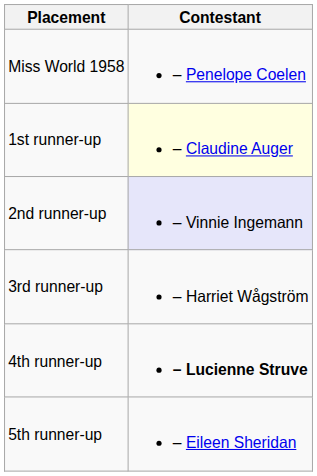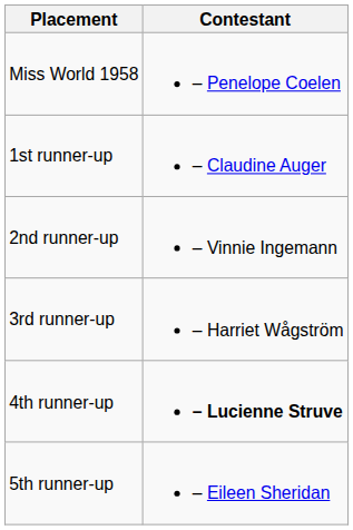 <table class="wikitable sortable" style="font-size:95%;">
 <tr>
 <th>Placement</th>
 <th>Contestant</th>
 </tr>
 <tr>
 <td>Miss World 1958</td>
 <td><br><ul><li> – <a href='#'>Penelope Coelen</a></li></ul></td>
 </tr>
 <tr>
 <td>1st runner-up</td>
-<td style="background: lightyellow;"><br><ul><li> – <a href='#'>Claudine Auger</a></li></ul></td>
+<td><br><ul><li> – <a href='#'>Claudine Auger</a></li></ul></td>
 </tr>
 <tr>
 <td>2nd runner-up</td>
-<td style="background: lavender;"><br><ul><li> – Vinnie Ingemann</li></ul></td>
+<td><br><ul><li> – Vinnie Ingemann</li></ul></td>
 </tr>
 <tr>
 <td>3rd runner-up</td>
 <td><br><ul><li> – Harriet Wågström</li></ul></td>
 </tr>
 <tr>
 <td>4th runner-up</td>
 <td><strong><br><ul><li> – Lucienne Struve</li></ul></strong></td>
 </tr>
 <tr>
 <td>5th runner-up</td>
 <td><br><ul><li> – <a href='#'>Eileen Sheridan</a></li></ul></td>
 </tr>
 </table>
